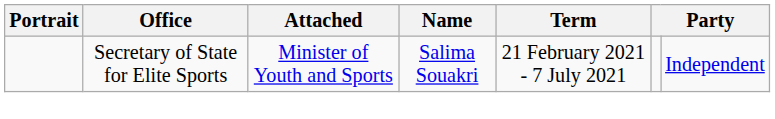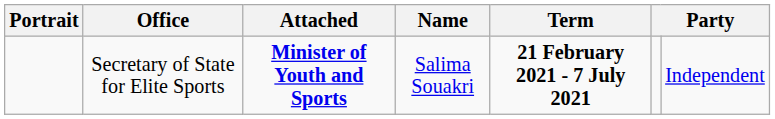 <table class="wikitable" style="text-align:center">
 <tr>
 <th>Portrait</th>
 <th>Office</th>
 <th>Attached</th>
 <th>Name</th>
 <th>Term</th>
 <th colspan="2">Party</th>
 </tr>
 <tr>
 <td></td>
 <td>Secretary of State for Elite Sports</td>
-<td><a href='#'>Minister of Youth and Sports</a></td>
+<td><strong><a href='#'>Minister of Youth and Sports</a></strong></td>
 <td><a href='#'>Salima Souakri</a></td>
-<td>21 February 2021 - 7 July 2021</td>
+<td><strong>21 February 2021 - 7 July 2021</strong></td>
 <td></td>
 <td><a href='#'>Independent</a></td>
 </tr>
 </table>
